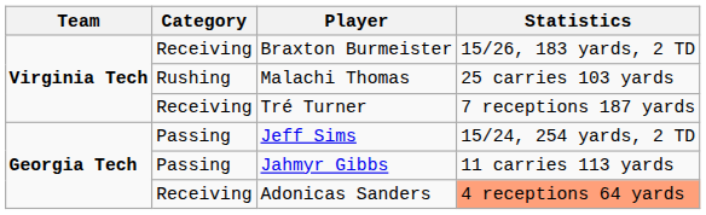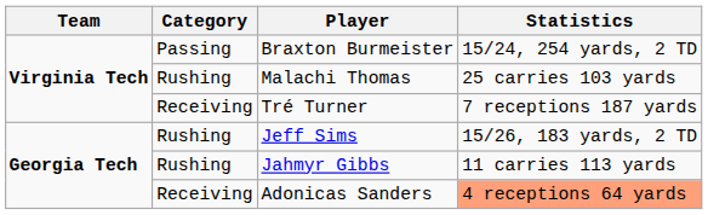 <table class="wikitable" style="float: right;">
 <tr>
 <th>Team</th>
 <th>Category</th>
 <th>Player</th>
 <th>Statistics</th>
 </tr>
 <tr>
 <td rowspan=3><strong>Virginia Tech</strong></td>
-<td>Receiving</td>
+<td>Passing</td>
 <td>Braxton Burmeister</td>
-<td>15/26, 183 yards, 2 TD</td>
+<td>15/24, 254 yards, 2 TD</td>
 </tr>
 <tr>
 <td>Rushing</td>
 <td>Malachi Thomas</td>
 <td>25 carries 103 yards</td>
 </tr>
 <tr>
 <td>Receiving</td>
 <td>Tré Turner</td>
 <td>7 receptions 187 yards</td>
 </tr>
 <tr>
 <td rowspan=3><strong>Georgia Tech</strong></td>
-<td>Passing</td>
+<td>Rushing</td>
 <td><a href='#'>Jeff Sims</a></td>
-<td>15/24, 254 yards, 2 TD</td>
+<td>15/26, 183 yards, 2 TD</td>
 </tr>
 <tr>
-<td>Passing</td>
+<td>Rushing</td>
 <td><a href='#'>Jahmyr Gibbs</a></td>
 <td>11 carries 113 yards</td>
 </tr>
 <tr>
 <td>Receiving</td>
 <td>Adonicas Sanders</td>
 <td style="background: lightsalmon;">4 receptions 64 yards</td>
 </tr>
 </table>
